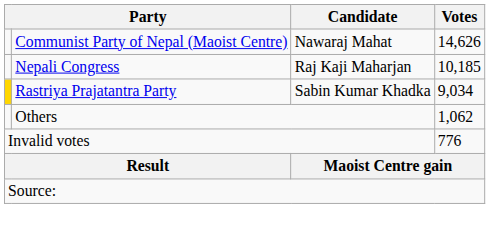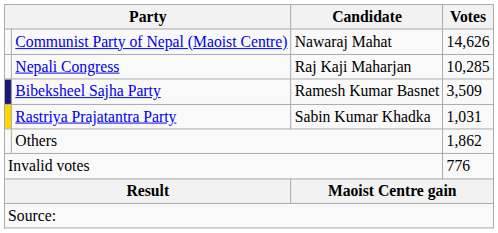 <table class="wikitable">
 <tr>
 <th colspan="2">Party</th>
 <th>Candidate</th>
 <th>Votes</th>
 </tr>
 <tr>
 <td style="background-color:"></td>
 <td><a href='#'>Communist Party of Nepal (Maoist Centre)</a></td>
 <td>Nawaraj Mahat</td>
 <td>14,626</td>
 </tr>
 <tr>
 <td style="background-color:"></td>
 <td><a href='#'>Nepali Congress</a></td>
 <td>Raj Kaji Maharjan</td>
-<td>10,185</td>
+<td>10,285</td>
+</tr>
+<tr>
+<td style="background-color:midnightblue"></td>
+<td><a href='#'>Bibeksheel Sajha Party</a></td>
+<td>Ramesh Kumar Basnet</td>
+<td>3,509</td>
 </tr>
 <tr>
 <td style="background-color:gold"></td>
 <td><a href='#'>Rastriya Prajatantra Party</a></td>
 <td>Sabin Kumar Khadka</td>
-<td>9,034</td>
+<td>1,031</td>
 </tr>
 <tr>
 <td></td>
 <td colspan="2">Others</td>
-<td>1,062</td>
+<td>1,862</td>
 </tr>
 <tr>
 <td colspan="3">Invalid votes</td>
 <td>776</td>
 </tr>
 <tr>
 <th colspan="2">Result</th>
 <th colspan="2">Maoist Centre gain</th>
 </tr>
 <tr>
 <td colspan="4">Source: </td>
 </tr>
 </table>
